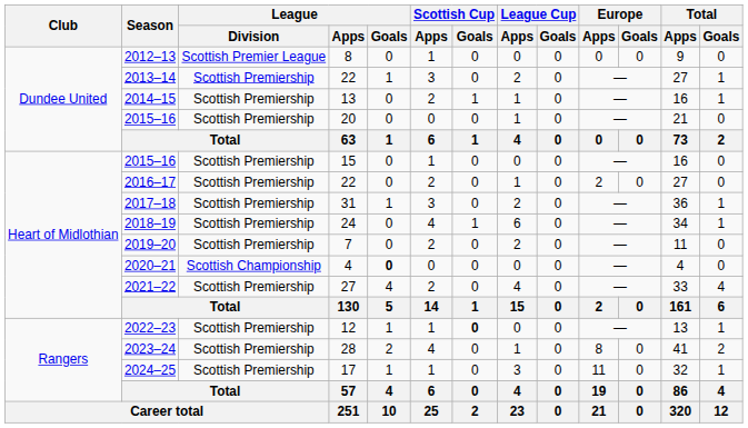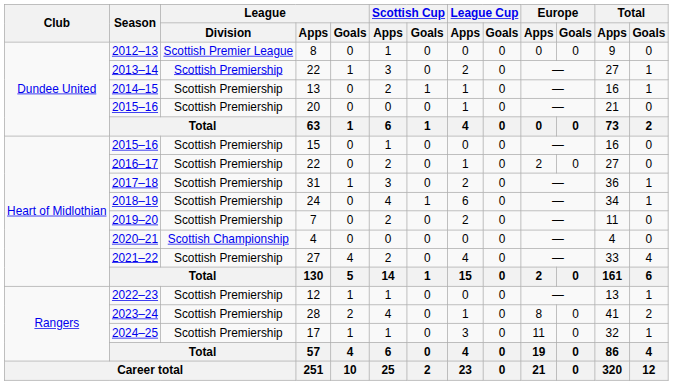 <table class=wikitable style="text-align: center">
 <tr>
 <th rowspan=2>Club</th>
 <th rowspan=2>Season</th>
 <th colspan=3>League</th>
 <th colspan=2><a href='#'>Scottish Cup</a></th>
 <th colspan=2><a href='#'>League Cup</a></th>
 <th colspan=2>Europe</th>
 <th colspan=2>Total</th>
 </tr>
 <tr>
 <th>Division</th>
 <th>Apps</th>
 <th>Goals</th>
 <th>Apps</th>
 <th>Goals</th>
 <th>Apps</th>
 <th>Goals</th>
 <th>Apps</th>
 <th>Goals</th>
 <th>Apps</th>
 <th>Goals</th>
 </tr>
 <tr>
 <td rowspan=5><a href='#'>Dundee United</a></td>
 <td><a href='#'>2012–13</a></td>
 <td><a href='#'>Scottish Premier League</a></td>
 <td>8</td>
 <td>0</td>
 <td>1</td>
 <td>0</td>
 <td>0</td>
 <td>0</td>
 <td>0</td>
 <td>0</td>
 <td>9</td>
 <td>0</td>
 </tr>
 <tr>
 <td><a href='#'>2013–14</a></td>
 <td><a href='#'>Scottish Premiership</a></td>
 <td>22</td>
 <td>1</td>
 <td>3</td>
 <td>0</td>
 <td>2</td>
 <td>0</td>
 <td colspan=2>—</td>
 <td>27</td>
 <td>1</td>
 </tr>
 <tr>
 <td><a href='#'>2014–15</a></td>
 <td>Scottish Premiership</td>
 <td>13</td>
 <td>0</td>
 <td>2</td>
 <td>1</td>
 <td>1</td>
 <td>0</td>
 <td colspan=2>—</td>
 <td>16</td>
 <td>1</td>
 </tr>
 <tr>
 <td><a href='#'>2015–16</a></td>
 <td>Scottish Premiership</td>
 <td>20</td>
 <td>0</td>
 <td>0</td>
 <td>0</td>
 <td>1</td>
 <td>0</td>
 <td colspan=2>—</td>
 <td>21</td>
 <td>0</td>
 </tr>
 <tr>
 <th colspan=2>Total</th>
 <th>63</th>
 <th>1</th>
 <th>6</th>
 <th>1</th>
 <th>4</th>
 <th>0</th>
 <th>0</th>
 <th>0</th>
 <th>73</th>
 <th>2</th>
 </tr>
 <tr>
 <td rowspan=8><a href='#'>Heart of Midlothian</a></td>
 <td><a href='#'>2015–16</a></td>
 <td>Scottish Premiership</td>
 <td>15</td>
 <td>0</td>
 <td>1</td>
 <td>0</td>
 <td>0</td>
 <td>0</td>
 <td colspan=2>—</td>
 <td>16</td>
 <td>0</td>
 </tr>
 <tr>
 <td><a href='#'>2016–17</a></td>
 <td>Scottish Premiership</td>
 <td>22</td>
 <td>0</td>
 <td>2</td>
 <td>0</td>
 <td>1</td>
 <td>0</td>
 <td>2</td>
 <td>0</td>
 <td>27</td>
 <td>0</td>
 </tr>
 <tr>
 <td><a href='#'>2017–18</a></td>
 <td>Scottish Premiership</td>
 <td>31</td>
 <td>1</td>
 <td>3</td>
 <td>0</td>
 <td>2</td>
 <td>0</td>
 <td colspan=2>—</td>
 <td>36</td>
 <td>1</td>
 </tr>
 <tr>
 <td><a href='#'>2018–19</a></td>
 <td>Scottish Premiership</td>
 <td>24</td>
 <td>0</td>
 <td>4</td>
 <td>1</td>
 <td>6</td>
 <td>0</td>
 <td colspan=2>—</td>
 <td>34</td>
 <td>1</td>
 </tr>
 <tr>
 <td><a href='#'>2019–20</a></td>
 <td>Scottish Premiership</td>
 <td>7</td>
 <td>0</td>
 <td>2</td>
 <td>0</td>
 <td>2</td>
 <td>0</td>
 <td colspan=2>—</td>
 <td>11</td>
 <td>0</td>
 </tr>
 <tr>
 <td><a href='#'>2020–21</a></td>
 <td><a href='#'>Scottish Championship</a></td>
 <td>4</td>
-<td><strong>0</strong></td>
+<td>0</td>
 <td>0</td>
 <td>0</td>
 <td>0</td>
 <td>0</td>
 <td colspan=2>—</td>
 <td>4</td>
 <td>0</td>
 </tr>
 <tr>
 <td><a href='#'>2021–22</a></td>
 <td>Scottish Premiership</td>
 <td>27</td>
 <td>4</td>
 <td>2</td>
 <td>0</td>
 <td>4</td>
 <td>0</td>
 <td colspan=2>—</td>
 <td>33</td>
 <td>4</td>
 </tr>
 <tr>
 <th colspan=2>Total</th>
 <th>130</th>
 <th>5</th>
 <th>14</th>
 <th>1</th>
 <th>15</th>
 <th>0</th>
 <th>2</th>
 <th>0</th>
 <th>161</th>
 <th>6</th>
 </tr>
 <tr>
 <td rowspan=4><a href='#'>Rangers</a></td>
 <td><a href='#'>2022–23</a></td>
 <td>Scottish Premiership</td>
 <td>12</td>
 <td>1</td>
 <td>1</td>
-<td><strong>0</strong></td>
+<td>0</td>
 <td>0</td>
 <td>0</td>
 <td colspan=2>—</td>
 <td>13</td>
 <td>1</td>
 </tr>
 <tr>
 <td><a href='#'>2023–24</a></td>
 <td>Scottish Premiership</td>
 <td>28</td>
 <td>2</td>
 <td>4</td>
 <td>0</td>
 <td>1</td>
 <td>0</td>
 <td>8</td>
 <td>0</td>
 <td>41</td>
 <td>2</td>
 </tr>
 <tr>
 <td><a href='#'>2024–25</a></td>
 <td>Scottish Premiership</td>
 <td>17</td>
 <td>1</td>
 <td>1</td>
 <td>0</td>
 <td>3</td>
 <td>0</td>
 <td>11</td>
 <td>0</td>
 <td>32</td>
 <td>1</td>
 </tr>
 <tr>
 <th colspan=2>Total</th>
 <th>57</th>
 <th>4</th>
 <th>6</th>
 <th>0</th>
 <th>4</th>
 <th>0</th>
 <th>19</th>
 <th>0</th>
 <th>86</th>
 <th>4</th>
 </tr>
 <tr>
 <th colspan=3>Career total</th>
 <th>251</th>
 <th>10</th>
 <th>25</th>
 <th>2</th>
 <th>23</th>
 <th>0</th>
 <th>21</th>
 <th>0</th>
 <th>320</th>
 <th>12</th>
 </tr>
 </table>
